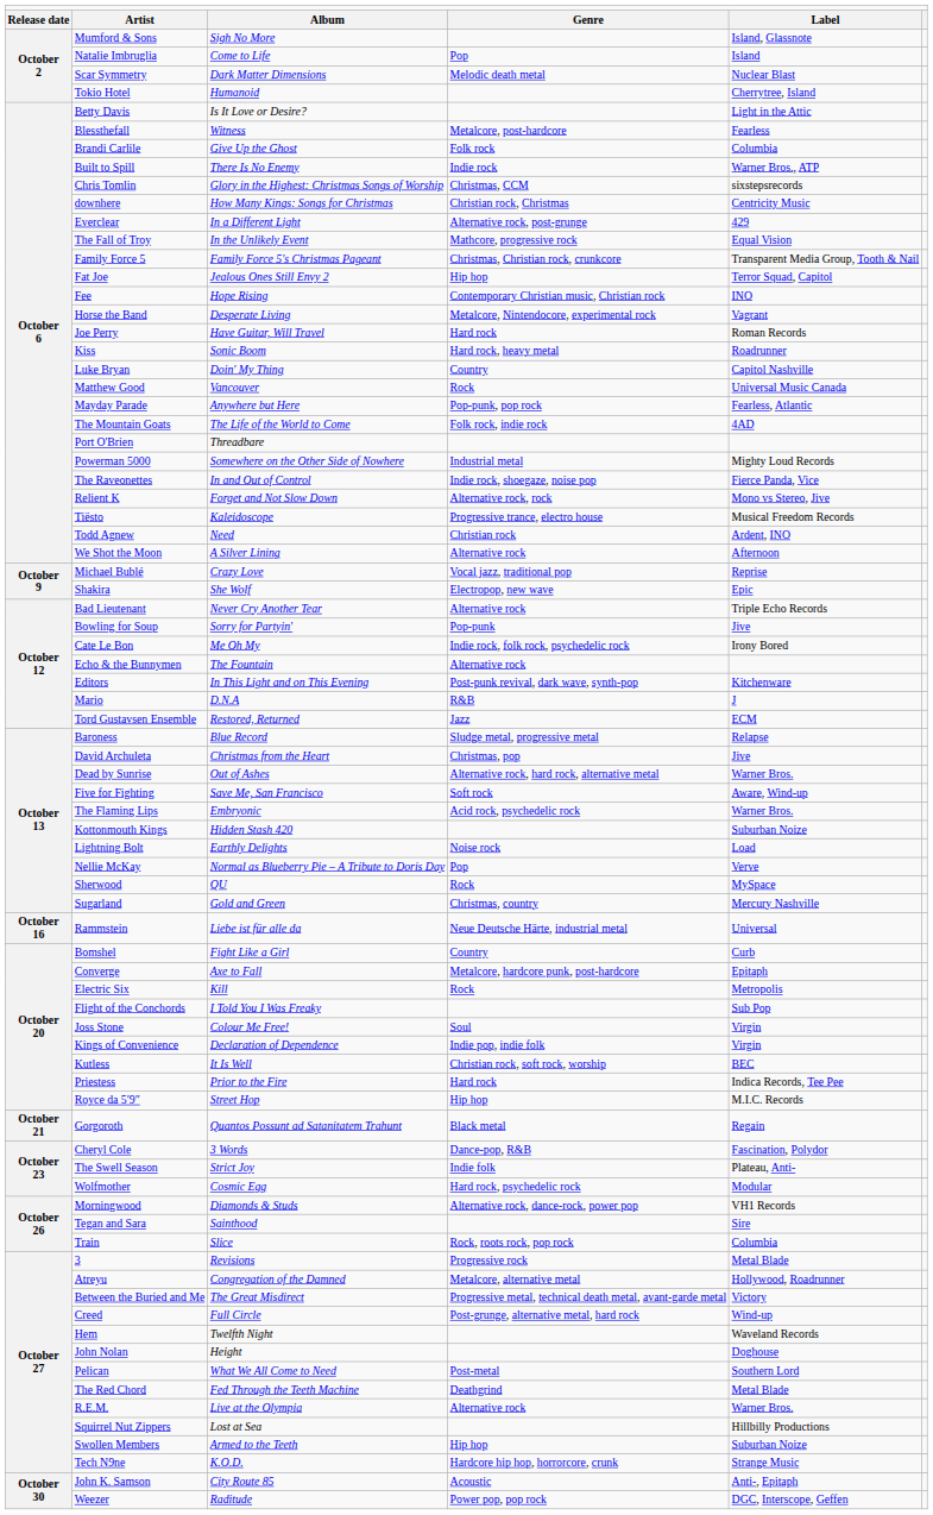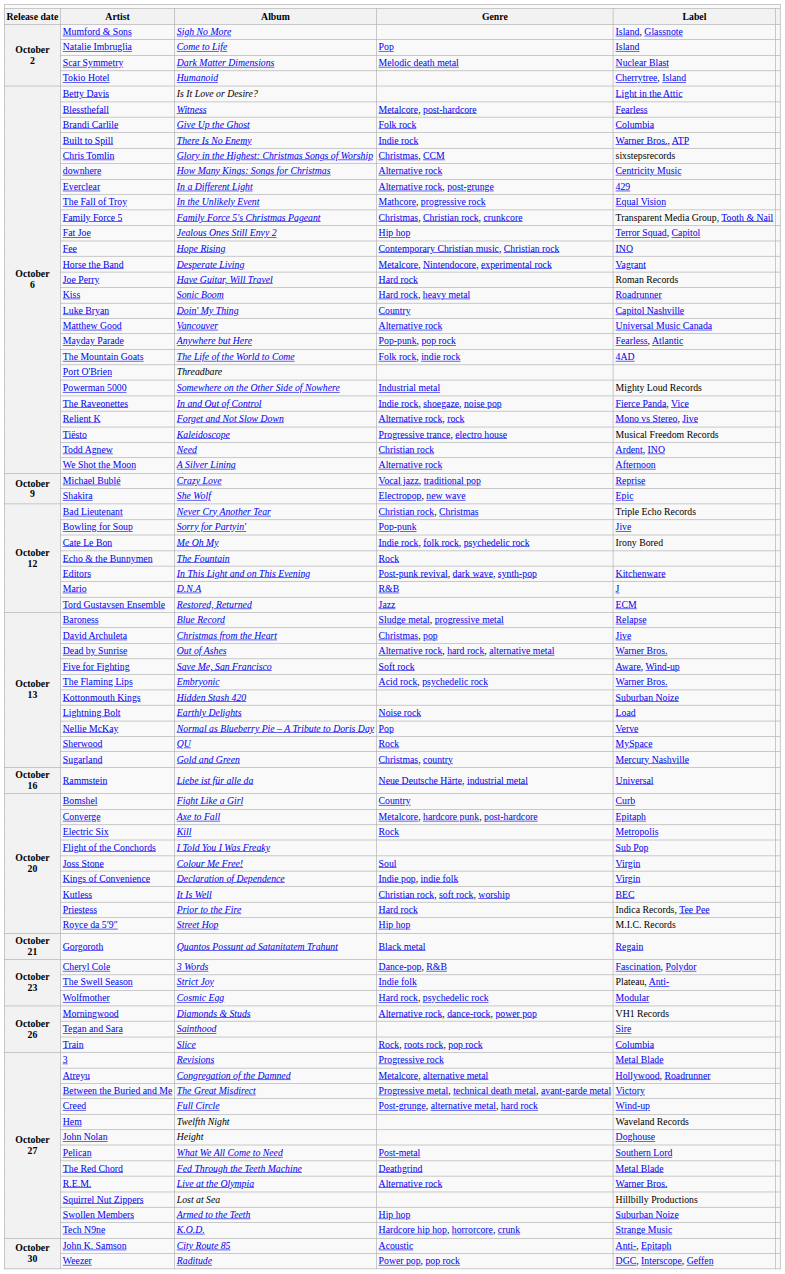 <table class="wikitable plainrowheaders">
 <tr>
 <td colspan="6" style="text-align:center;"></td>
 </tr>
 <tr>
 <th scope="col">Release date</th>
 <th scope="col">Artist</th>
 <th scope="col">Album</th>
 <th scope="col">Genre</th>
 <th scope="col">Label</th>
 <th scope="col"></th>
 </tr>
 <tr>
 <th scope="row" rowspan="4" style="text-align:center;">October<br>2</th>
 <td><a href='#'>Mumford & Sons</a></td>
 <td><em><a href='#'>Sigh No More</a></em></td>
 <td></td>
 <td><a href='#'>Island</a>, <a href='#'>Glassnote</a></td>
 <td></td>
 </tr>
 <tr>
 <td><a href='#'>Natalie Imbruglia</a></td>
 <td><em><a href='#'>Come to Life</a></em></td>
 <td><a href='#'>Pop</a></td>
 <td><a href='#'>Island</a></td>
 <td></td>
 </tr>
 <tr>
 <td><a href='#'>Scar Symmetry</a></td>
 <td><em><a href='#'>Dark Matter Dimensions</a></em></td>
 <td><a href='#'>Melodic death metal</a></td>
 <td><a href='#'>Nuclear Blast</a></td>
 <td></td>
 </tr>
 <tr>
 <td><a href='#'>Tokio Hotel</a></td>
 <td><em><a href='#'>Humanoid</a></em></td>
 <td></td>
 <td><a href='#'>Cherrytree</a>, <a href='#'>Island</a></td>
 <td></td>
 </tr>
 <tr>
 <th scope="row" rowspan="25" style="text-align:center;">October<br>6</th>
 <td><a href='#'>Betty Davis</a></td>
 <td><em>Is It Love or Desire?</em></td>
 <td></td>
 <td><a href='#'>Light in the Attic</a></td>
 <td></td>
 </tr>
 <tr>
 <td><a href='#'>Blessthefall</a></td>
 <td><em><a href='#'>Witness</a></em></td>
 <td><a href='#'>Metalcore</a>, <a href='#'>post-hardcore</a></td>
 <td><a href='#'>Fearless</a></td>
 <td></td>
 </tr>
 <tr>
 <td><a href='#'>Brandi Carlile</a></td>
 <td><em><a href='#'>Give Up the Ghost</a></em></td>
 <td><a href='#'>Folk rock</a></td>
 <td><a href='#'>Columbia</a></td>
 <td></td>
 </tr>
 <tr>
 <td><a href='#'>Built to Spill</a></td>
 <td><em><a href='#'>There Is No Enemy</a></em></td>
 <td><a href='#'>Indie rock</a></td>
 <td><a href='#'>Warner Bros.</a>, <a href='#'>ATP</a></td>
 <td></td>
 </tr>
 <tr>
 <td><a href='#'>Chris Tomlin</a></td>
 <td><em><a href='#'>Glory in the Highest: Christmas Songs of Worship</a></em></td>
 <td><a href='#'>Christmas</a>, <a href='#'>CCM</a></td>
 <td>sixstepsrecords</td>
 <td></td>
 </tr>
 <tr>
 <td><a href='#'>downhere</a></td>
 <td><em><a href='#'>How Many Kings: Songs for Christmas</a></em></td>
-<td><a href='#'>Christian rock</a>, <a href='#'>Christmas</a></td>
+<td><a href='#'>Alternative rock</a></td>
 <td><a href='#'>Centricity Music</a></td>
 <td></td>
 </tr>
 <tr>
 <td><a href='#'>Everclear</a></td>
 <td><em><a href='#'>In a Different Light</a></em></td>
 <td><a href='#'>Alternative rock</a>, <a href='#'>post-grunge</a></td>
 <td><a href='#'>429</a></td>
 <td></td>
 </tr>
 <tr>
 <td><a href='#'>The Fall of Troy</a></td>
 <td><em><a href='#'>In the Unlikely Event</a></em></td>
 <td><a href='#'>Mathcore</a>, <a href='#'>progressive rock</a></td>
 <td><a href='#'>Equal Vision</a></td>
 <td></td>
 </tr>
 <tr>
 <td><a href='#'>Family Force 5</a></td>
 <td><em><a href='#'>Family Force 5's Christmas Pageant</a></em></td>
 <td><a href='#'>Christmas</a>, <a href='#'>Christian rock</a>, <a href='#'>crunkcore</a></td>
 <td>Transparent Media Group, <a href='#'>Tooth & Nail</a></td>
 <td></td>
 </tr>
 <tr>
 <td><a href='#'>Fat Joe</a></td>
 <td><em><a href='#'>Jealous Ones Still Envy 2</a></em></td>
 <td><a href='#'>Hip hop</a></td>
 <td><a href='#'>Terror Squad</a>, <a href='#'>Capitol</a></td>
 <td></td>
 </tr>
 <tr>
 <td><a href='#'>Fee</a></td>
 <td><em><a href='#'>Hope Rising</a></em></td>
 <td><a href='#'>Contemporary Christian music</a>, <a href='#'>Christian rock</a></td>
 <td><a href='#'>INO</a></td>
 <td></td>
 </tr>
 <tr>
 <td><a href='#'>Horse the Band</a></td>
 <td><em><a href='#'>Desperate Living</a></em></td>
 <td><a href='#'>Metalcore</a>, <a href='#'>Nintendocore</a>, <a href='#'>experimental rock</a></td>
 <td><a href='#'>Vagrant</a></td>
 <td></td>
 </tr>
 <tr>
 <td><a href='#'>Joe Perry</a></td>
 <td><em><a href='#'>Have Guitar, Will Travel</a></em></td>
 <td><a href='#'>Hard rock</a></td>
 <td>Roman Records</td>
 <td></td>
 </tr>
 <tr>
 <td><a href='#'>Kiss</a></td>
 <td><em><a href='#'>Sonic Boom</a></em></td>
 <td><a href='#'>Hard rock</a>, <a href='#'>heavy metal</a></td>
 <td><a href='#'>Roadrunner</a></td>
 <td></td>
 </tr>
 <tr>
 <td><a href='#'>Luke Bryan</a></td>
 <td><em><a href='#'>Doin' My Thing</a></em></td>
 <td><a href='#'>Country</a></td>
 <td><a href='#'>Capitol Nashville</a></td>
 <td></td>
 </tr>
 <tr>
 <td><a href='#'>Matthew Good</a></td>
 <td><em><a href='#'>Vancouver</a></em></td>
-<td><a href='#'>Rock</a></td>
+<td><a href='#'>Alternative rock</a></td>
 <td><a href='#'>Universal Music Canada</a></td>
 <td></td>
 </tr>
 <tr>
 <td><a href='#'>Mayday Parade</a></td>
 <td><em><a href='#'>Anywhere but Here</a></em></td>
 <td><a href='#'>Pop-punk</a>, <a href='#'>pop rock</a></td>
 <td><a href='#'>Fearless</a>, <a href='#'>Atlantic</a></td>
 <td></td>
 </tr>
 <tr>
 <td><a href='#'>The Mountain Goats</a></td>
 <td><em><a href='#'>The Life of the World to Come</a></em></td>
 <td><a href='#'>Folk rock</a>, <a href='#'>indie rock</a></td>
 <td><a href='#'>4AD</a></td>
 <td></td>
 </tr>
 <tr>
 <td><a href='#'>Port O'Brien</a></td>
 <td><em>Threadbare</em></td>
 <td></td>
 <td></td>
 <td></td>
 </tr>
 <tr>
 <td><a href='#'>Powerman 5000</a></td>
 <td><em><a href='#'>Somewhere on the Other Side of Nowhere</a></em></td>
 <td><a href='#'>Industrial metal</a></td>
 <td>Mighty Loud Records</td>
 <td></td>
 </tr>
 <tr>
 <td><a href='#'>The Raveonettes</a></td>
 <td><em><a href='#'>In and Out of Control</a></em></td>
 <td><a href='#'>Indie rock</a>, <a href='#'>shoegaze</a>, <a href='#'>noise pop</a></td>
 <td><a href='#'>Fierce Panda</a>, <a href='#'>Vice</a></td>
 <td></td>
 </tr>
 <tr>
 <td><a href='#'>Relient K</a></td>
 <td><em><a href='#'>Forget and Not Slow Down</a></em></td>
 <td><a href='#'>Alternative rock</a>, <a href='#'>rock</a></td>
 <td><a href='#'>Mono vs Stereo</a>, <a href='#'>Jive</a></td>
 <td></td>
 </tr>
 <tr>
 <td><a href='#'>Tiësto</a></td>
 <td><em><a href='#'>Kaleidoscope</a></em></td>
 <td><a href='#'>Progressive trance</a>, <a href='#'>electro house</a></td>
 <td>Musical Freedom Records</td>
 <td></td>
 </tr>
 <tr>
 <td><a href='#'>Todd Agnew</a></td>
 <td><em><a href='#'>Need</a></em></td>
 <td><a href='#'>Christian rock</a></td>
 <td><a href='#'>Ardent</a>, <a href='#'>INO</a></td>
 <td></td>
 </tr>
 <tr>
 <td><a href='#'>We Shot the Moon</a></td>
 <td><em><a href='#'>A Silver Lining</a></em></td>
 <td><a href='#'>Alternative rock</a></td>
 <td><a href='#'>Afternoon</a></td>
 <td></td>
 </tr>
 <tr>
 <th scope="row" rowspan="2" style="text-align:center;">October<br>9</th>
 <td><a href='#'>Michael Bublé</a></td>
 <td><em><a href='#'>Crazy Love</a></em></td>
 <td><a href='#'>Vocal jazz</a>, <a href='#'>traditional pop</a></td>
 <td><a href='#'>Reprise</a></td>
 <td></td>
 </tr>
 <tr>
 <td><a href='#'>Shakira</a></td>
 <td><em><a href='#'>She Wolf</a></em></td>
 <td><a href='#'>Electropop</a>, <a href='#'>new wave</a></td>
 <td><a href='#'>Epic</a></td>
 <td></td>
 </tr>
 <tr>
 <th scope="row" rowspan="7" style="text-align:center;">October<br>12</th>
 <td><a href='#'>Bad Lieutenant</a></td>
 <td><em><a href='#'>Never Cry Another Tear</a></em></td>
-<td><a href='#'>Alternative rock</a></td>
+<td><a href='#'>Christian rock</a>, <a href='#'>Christmas</a></td>
 <td>Triple Echo Records</td>
 <td></td>
 </tr>
 <tr>
 <td><a href='#'>Bowling for Soup</a></td>
 <td><em><a href='#'>Sorry for Partyin'</a></em></td>
 <td><a href='#'>Pop-punk</a></td>
 <td><a href='#'>Jive</a></td>
 <td></td>
 </tr>
 <tr>
 <td><a href='#'>Cate Le Bon</a></td>
 <td><em><a href='#'>Me Oh My</a></em></td>
 <td><a href='#'>Indie rock</a>, <a href='#'>folk rock</a>, <a href='#'>psychedelic rock</a></td>
 <td>Irony Bored</td>
 <td></td>
 </tr>
 <tr>
 <td><a href='#'>Echo & the Bunnymen</a></td>
 <td><em><a href='#'>The Fountain</a></em></td>
-<td><a href='#'>Alternative rock</a></td>
+<td><a href='#'>Rock</a></td>
 <td></td>
 <td></td>
 </tr>
 <tr>
 <td><a href='#'>Editors</a></td>
 <td><em><a href='#'>In This Light and on This Evening</a></em></td>
 <td><a href='#'>Post-punk revival</a>, <a href='#'>dark wave</a>, <a href='#'>synth-pop</a></td>
 <td><a href='#'>Kitchenware</a></td>
 <td></td>
 </tr>
 <tr>
 <td><a href='#'>Mario</a></td>
 <td><em><a href='#'>D.N.A</a></em></td>
 <td><a href='#'>R&B</a></td>
 <td><a href='#'>J</a></td>
 <td></td>
 </tr>
 <tr>
 <td><a href='#'>Tord Gustavsen Ensemble</a></td>
 <td><em><a href='#'>Restored, Returned</a></em></td>
 <td><a href='#'>Jazz</a></td>
 <td><a href='#'>ECM</a></td>
 <td></td>
 </tr>
 <tr>
 <th scope="row" rowspan="10" style="text-align:center;">October<br>13</th>
 <td><a href='#'>Baroness</a></td>
 <td><em><a href='#'>Blue Record</a></em></td>
 <td><a href='#'>Sludge metal</a>, <a href='#'>progressive metal</a></td>
 <td><a href='#'>Relapse</a></td>
 <td></td>
 </tr>
 <tr>
 <td><a href='#'>David Archuleta</a></td>
 <td><em><a href='#'>Christmas from the Heart</a></em></td>
 <td><a href='#'>Christmas</a>, <a href='#'>pop</a></td>
 <td><a href='#'>Jive</a></td>
 <td></td>
 </tr>
 <tr>
 <td><a href='#'>Dead by Sunrise</a></td>
 <td><em><a href='#'>Out of Ashes</a></em></td>
 <td><a href='#'>Alternative rock</a>, <a href='#'>hard rock</a>, <a href='#'>alternative metal</a></td>
 <td><a href='#'>Warner Bros.</a></td>
 <td></td>
 </tr>
 <tr>
 <td><a href='#'>Five for Fighting</a></td>
 <td><em><a href='#'>Save Me, San Francisco</a></em></td>
 <td><a href='#'>Soft rock</a></td>
 <td><a href='#'>Aware</a>, <a href='#'>Wind-up</a></td>
 <td></td>
 </tr>
 <tr>
 <td><a href='#'>The Flaming Lips</a></td>
 <td><em><a href='#'>Embryonic</a></em></td>
 <td><a href='#'>Acid rock</a>, <a href='#'>psychedelic rock</a></td>
 <td><a href='#'>Warner Bros.</a></td>
 <td></td>
 </tr>
 <tr>
 <td><a href='#'>Kottonmouth Kings</a></td>
 <td><em><a href='#'>Hidden Stash 420</a></em></td>
 <td></td>
 <td><a href='#'>Suburban Noize</a></td>
 <td></td>
 </tr>
 <tr>
 <td><a href='#'>Lightning Bolt</a></td>
 <td><em><a href='#'>Earthly Delights</a></em></td>
 <td><a href='#'>Noise rock</a></td>
 <td><a href='#'>Load</a></td>
 <td></td>
 </tr>
 <tr>
 <td><a href='#'>Nellie McKay</a></td>
 <td><em><a href='#'>Normal as Blueberry Pie – A Tribute to Doris Day</a></em></td>
 <td><a href='#'>Pop</a></td>
 <td><a href='#'>Verve</a></td>
 <td></td>
 </tr>
 <tr>
 <td><a href='#'>Sherwood</a></td>
 <td><em><a href='#'>QU</a></em></td>
 <td><a href='#'>Rock</a></td>
 <td><a href='#'>MySpace</a></td>
 <td></td>
 </tr>
 <tr>
 <td><a href='#'>Sugarland</a></td>
 <td><em><a href='#'>Gold and Green</a></em></td>
 <td><a href='#'>Christmas</a>, <a href='#'>country</a></td>
 <td><a href='#'>Mercury Nashville</a></td>
 <td></td>
 </tr>
 <tr>
 <th scope="row" style="text-align:center;">October<br>16</th>
 <td><a href='#'>Rammstein</a></td>
 <td><em><a href='#'>Liebe ist für alle da</a></em></td>
 <td><a href='#'>Neue Deutsche Härte</a>, <a href='#'>industrial metal</a></td>
 <td><a href='#'>Universal</a></td>
 <td></td>
 </tr>
 <tr>
 <th scope="row" rowspan="9" style="text-align:center;">October<br>20</th>
 <td><a href='#'>Bomshel</a></td>
 <td><em><a href='#'>Fight Like a Girl</a></em></td>
 <td><a href='#'>Country</a></td>
 <td><a href='#'>Curb</a></td>
 <td></td>
 </tr>
 <tr>
 <td><a href='#'>Converge</a></td>
 <td><em><a href='#'>Axe to Fall</a></em></td>
 <td><a href='#'>Metalcore</a>, <a href='#'>hardcore punk</a>, <a href='#'>post-hardcore</a></td>
 <td><a href='#'>Epitaph</a></td>
 <td></td>
 </tr>
 <tr>
 <td><a href='#'>Electric Six</a></td>
 <td><em><a href='#'>Kill</a></em></td>
 <td><a href='#'>Rock</a></td>
 <td><a href='#'>Metropolis</a></td>
 <td></td>
 </tr>
 <tr>
 <td><a href='#'>Flight of the Conchords</a></td>
 <td><em><a href='#'>I Told You I Was Freaky</a></em></td>
 <td></td>
 <td><a href='#'>Sub Pop</a></td>
 <td></td>
 </tr>
 <tr>
 <td><a href='#'>Joss Stone</a></td>
 <td><em><a href='#'>Colour Me Free!</a></em></td>
 <td><a href='#'>Soul</a></td>
 <td><a href='#'>Virgin</a></td>
 <td></td>
 </tr>
 <tr>
 <td><a href='#'>Kings of Convenience</a></td>
 <td><em><a href='#'>Declaration of Dependence</a></em></td>
 <td><a href='#'>Indie pop</a>, <a href='#'>indie folk</a></td>
 <td><a href='#'>Virgin</a></td>
 <td></td>
 </tr>
 <tr>
 <td><a href='#'>Kutless</a></td>
 <td><em><a href='#'>It Is Well</a></em></td>
 <td><a href='#'>Christian rock</a>, <a href='#'>soft rock</a>, <a href='#'>worship</a></td>
 <td><a href='#'>BEC</a></td>
 <td></td>
 </tr>
 <tr>
 <td><a href='#'>Priestess</a></td>
 <td><em><a href='#'>Prior to the Fire</a></em></td>
 <td><a href='#'>Hard rock</a></td>
 <td>Indica Records, <a href='#'>Tee Pee</a></td>
 <td></td>
 </tr>
 <tr>
 <td><a href='#'>Royce da 5′9″</a></td>
 <td><em><a href='#'>Street Hop</a></em></td>
 <td><a href='#'>Hip hop</a></td>
 <td>M.I.C. Records</td>
 <td></td>
 </tr>
 <tr>
 <th scope="row" style="text-align:center;">October<br>21</th>
 <td><a href='#'>Gorgoroth</a></td>
 <td><em><a href='#'>Quantos Possunt ad Satanitatem Trahunt</a></em></td>
 <td><a href='#'>Black metal</a></td>
 <td><a href='#'>Regain</a></td>
 <td></td>
 </tr>
 <tr>
 <th scope="row" rowspan="3" style="text-align:center;">October<br>23</th>
 <td><a href='#'>Cheryl Cole</a></td>
 <td><em><a href='#'>3 Words</a></em></td>
 <td><a href='#'>Dance-pop</a>, <a href='#'>R&B</a></td>
 <td><a href='#'>Fascination</a>, <a href='#'>Polydor</a></td>
 <td></td>
 </tr>
 <tr>
 <td><a href='#'>The Swell Season</a></td>
 <td><em><a href='#'>Strict Joy</a></em></td>
 <td><a href='#'>Indie folk</a></td>
 <td>Plateau, <a href='#'>Anti-</a></td>
 <td></td>
 </tr>
 <tr>
 <td><a href='#'>Wolfmother</a></td>
 <td><em><a href='#'>Cosmic Egg</a></em></td>
 <td><a href='#'>Hard rock</a>, <a href='#'>psychedelic rock</a></td>
 <td><a href='#'>Modular</a></td>
 <td></td>
 </tr>
 <tr>
 <th scope="row" rowspan="3" style="text-align:center;">October<br>26</th>
 <td><a href='#'>Morningwood</a></td>
 <td><em><a href='#'>Diamonds & Studs</a></em></td>
 <td><a href='#'>Alternative rock</a>, <a href='#'>dance-rock</a>, <a href='#'>power pop</a></td>
 <td>VH1 Records</td>
 <td></td>
 </tr>
 <tr>
 <td><a href='#'>Tegan and Sara</a></td>
 <td><em><a href='#'>Sainthood</a></em></td>
 <td></td>
 <td><a href='#'>Sire</a></td>
 <td></td>
 </tr>
 <tr>
 <td><a href='#'>Train</a></td>
 <td><em><a href='#'>Slice</a></em></td>
 <td><a href='#'>Rock</a>, <a href='#'>roots rock</a>, <a href='#'>pop rock</a></td>
 <td><a href='#'>Columbia</a></td>
 <td></td>
 </tr>
 <tr>
 <th scope="row" rowspan="12" style="text-align:center;">October<br>27</th>
 <td><a href='#'>3</a></td>
 <td><em><a href='#'>Revisions</a></em></td>
 <td><a href='#'>Progressive rock</a></td>
 <td><a href='#'>Metal Blade</a></td>
 <td></td>
 </tr>
 <tr>
 <td><a href='#'>Atreyu</a></td>
 <td><em><a href='#'>Congregation of the Damned</a></em></td>
 <td><a href='#'>Metalcore</a>, <a href='#'>alternative metal</a></td>
 <td><a href='#'>Hollywood</a>, <a href='#'>Roadrunner</a></td>
 <td></td>
 </tr>
 <tr>
 <td><a href='#'>Between the Buried and Me</a></td>
 <td><em><a href='#'>The Great Misdirect</a></em></td>
 <td><a href='#'>Progressive metal</a>, <a href='#'>technical death metal</a>, <a href='#'>avant-garde metal</a></td>
 <td><a href='#'>Victory</a></td>
 <td></td>
 </tr>
 <tr>
 <td><a href='#'>Creed</a></td>
 <td><em><a href='#'>Full Circle</a></em></td>
 <td><a href='#'>Post-grunge</a>, <a href='#'>alternative metal</a>, <a href='#'>hard rock</a></td>
 <td><a href='#'>Wind-up</a></td>
 <td></td>
 </tr>
 <tr>
 <td><a href='#'>Hem</a></td>
 <td><em>Twelfth Night</em></td>
 <td></td>
 <td>Waveland Records</td>
 <td></td>
 </tr>
 <tr>
 <td><a href='#'>John Nolan</a></td>
 <td><em>Height</em></td>
 <td></td>
 <td><a href='#'>Doghouse</a></td>
 <td></td>
 </tr>
 <tr>
 <td><a href='#'>Pelican</a></td>
 <td><em><a href='#'>What We All Come to Need</a></em></td>
 <td><a href='#'>Post-metal</a></td>
 <td><a href='#'>Southern Lord</a></td>
 <td></td>
 </tr>
 <tr>
 <td><a href='#'>The Red Chord</a></td>
 <td><em><a href='#'>Fed Through the Teeth Machine</a></em></td>
 <td><a href='#'>Deathgrind</a></td>
 <td><a href='#'>Metal Blade</a></td>
 <td></td>
 </tr>
 <tr>
 <td><a href='#'>R.E.M.</a></td>
 <td><em><a href='#'>Live at the Olympia</a></em></td>
 <td><a href='#'>Alternative rock</a></td>
 <td><a href='#'>Warner Bros.</a></td>
 <td></td>
 </tr>
 <tr>
 <td><a href='#'>Squirrel Nut Zippers</a></td>
 <td><em>Lost at Sea</em></td>
 <td></td>
 <td>Hillbilly Productions</td>
 <td></td>
 </tr>
 <tr>
 <td><a href='#'>Swollen Members</a></td>
 <td><em><a href='#'>Armed to the Teeth</a></em></td>
 <td><a href='#'>Hip hop</a></td>
 <td><a href='#'>Suburban Noize</a></td>
 <td></td>
 </tr>
 <tr>
 <td><a href='#'>Tech N9ne</a></td>
 <td><em><a href='#'>K.O.D.</a></em></td>
 <td><a href='#'>Hardcore hip hop</a>, <a href='#'>horrorcore</a>, <a href='#'>crunk</a></td>
 <td><a href='#'>Strange Music</a></td>
 <td></td>
 </tr>
 <tr>
 <th scope="row" rowspan="2" style="text-align:center;">October<br>30</th>
 <td><a href='#'>John K. Samson</a></td>
 <td><em><a href='#'>City Route 85</a></em></td>
 <td><a href='#'>Acoustic</a></td>
 <td><a href='#'>Anti-</a>, <a href='#'>Epitaph</a></td>
 <td></td>
 </tr>
 <tr>
 <td><a href='#'>Weezer</a></td>
 <td><em><a href='#'>Raditude</a></em></td>
 <td><a href='#'>Power pop</a>, <a href='#'>pop rock</a></td>
 <td><a href='#'>DGC</a>, <a href='#'>Interscope</a>, <a href='#'>Geffen</a></td>
 <td></td>
 </tr>
 </table>
